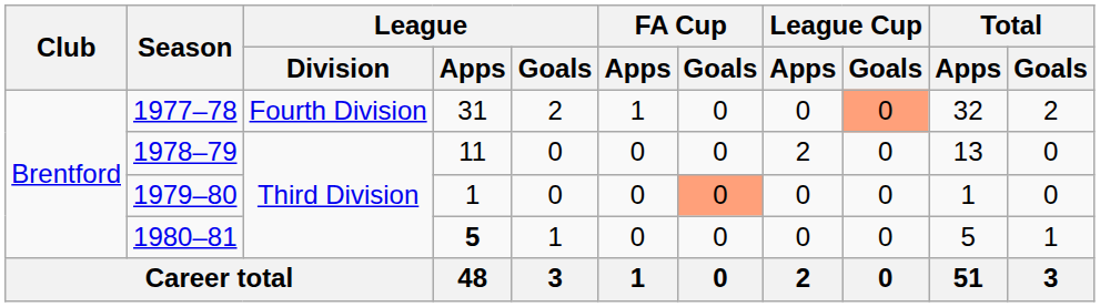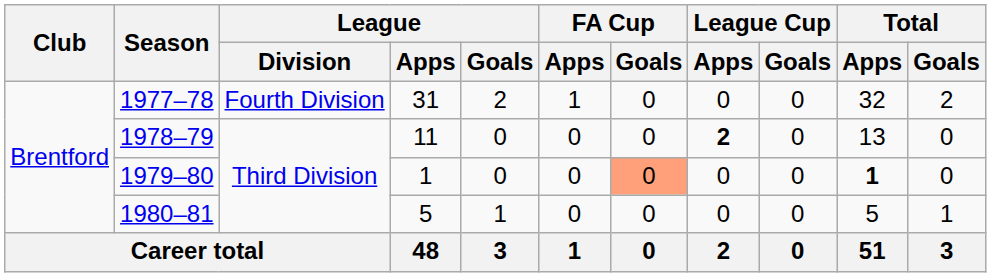 <table class="wikitable" style="text-align: center;">
 <tr>
 <th rowspan="2">Club</th>
 <th rowspan="2">Season</th>
 <th colspan="3">League</th>
 <th colspan="2">FA Cup</th>
 <th colspan="2">League Cup</th>
 <th colspan="2">Total</th>
 </tr>
 <tr>
 <th>Division</th>
 <th>Apps</th>
 <th>Goals</th>
 <th>Apps</th>
 <th>Goals</th>
 <th>Apps</th>
 <th>Goals</th>
 <th>Apps</th>
 <th>Goals</th>
 </tr>
 <tr>
 <td rowspan="4"><a href='#'>Brentford</a></td>
 <td><a href='#'>1977–78</a></td>
 <td><a href='#'>Fourth Division</a></td>
 <td>31</td>
 <td>2</td>
 <td>1</td>
 <td>0</td>
 <td>0</td>
-<td style="background: lightsalmon;">0</td>
+<td>0</td>
 <td>32</td>
 <td>2</td>
 </tr>
 <tr>
 <td><a href='#'>1978–79</a></td>
 <td rowspan="3"><a href='#'>Third Division</a></td>
 <td>11</td>
 <td>0</td>
 <td>0</td>
 <td>0</td>
-<td>2</td>
+<td><strong>2</strong></td>
 <td>0</td>
 <td>13</td>
 <td>0</td>
 </tr>
 <tr>
 <td><a href='#'>1979–80</a></td>
 <td>1</td>
 <td>0</td>
 <td>0</td>
 <td style="background: lightsalmon;">0</td>
 <td>0</td>
 <td>0</td>
-<td>1</td>
+<td><strong>1</strong></td>
 <td>0</td>
 </tr>
 <tr>
 <td><a href='#'>1980–81</a></td>
-<td><strong>5</strong></td>
+<td>5</td>
 <td>1</td>
 <td>0</td>
 <td>0</td>
 <td>0</td>
 <td>0</td>
 <td>5</td>
 <td>1</td>
 </tr>
 <tr>
 <th colspan="3">Career total</th>
 <th>48</th>
 <th>3</th>
 <th>1</th>
 <th>0</th>
 <th>2</th>
 <th>0</th>
 <th>51</th>
 <th>3</th>
 </tr>
 </table>
